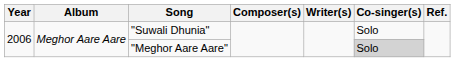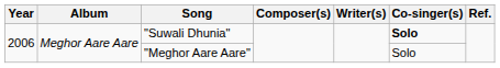 <table class="wikitable plainrowheaders">
 <tr>
 <th scope="col">Year</th>
 <th scope="col">Album</th>
 <th scope="col">Song</th>
 <th scope="col">Composer(s)</th>
 <th scope="col">Writer(s)</th>
 <th scope="col">Co-singer(s)</th>
 <th scope="col">Ref.</th>
 </tr>
 <tr>
 <td rowspan="2">2006</td>
 <td rowspan="2"><em>Meghor Aare Aare</em></td>
 <td>"Suwali Dhunia"</td>
 <td rowspan="2"></td>
 <td rowspan="2"></td>
-<td>Solo</td>
+<td><strong>Solo</strong></td>
 </tr>
 <tr>
 <td>"Meghor Aare Aare"</td>
-<td style="background: lightgrey;">Solo</td>
+<td>Solo</td>
 </tr>
 </table>
